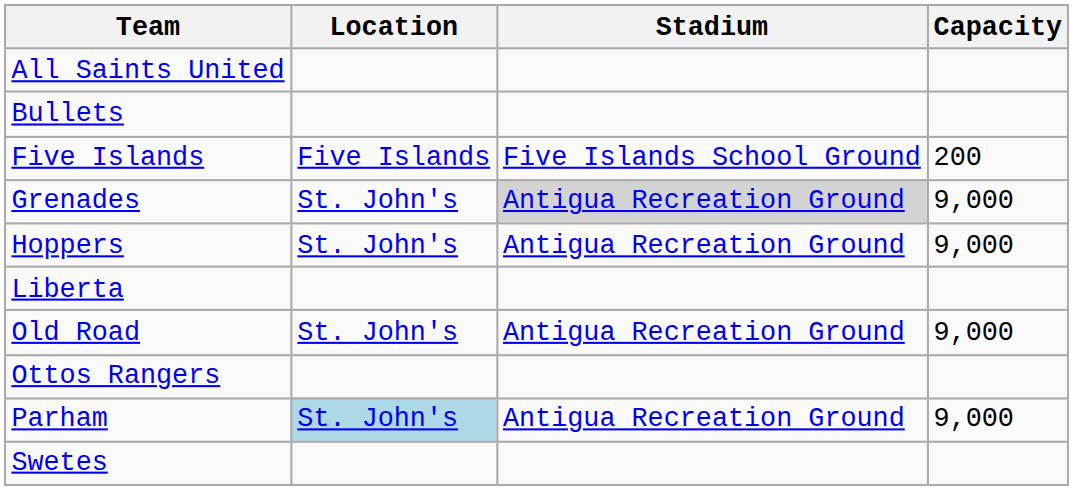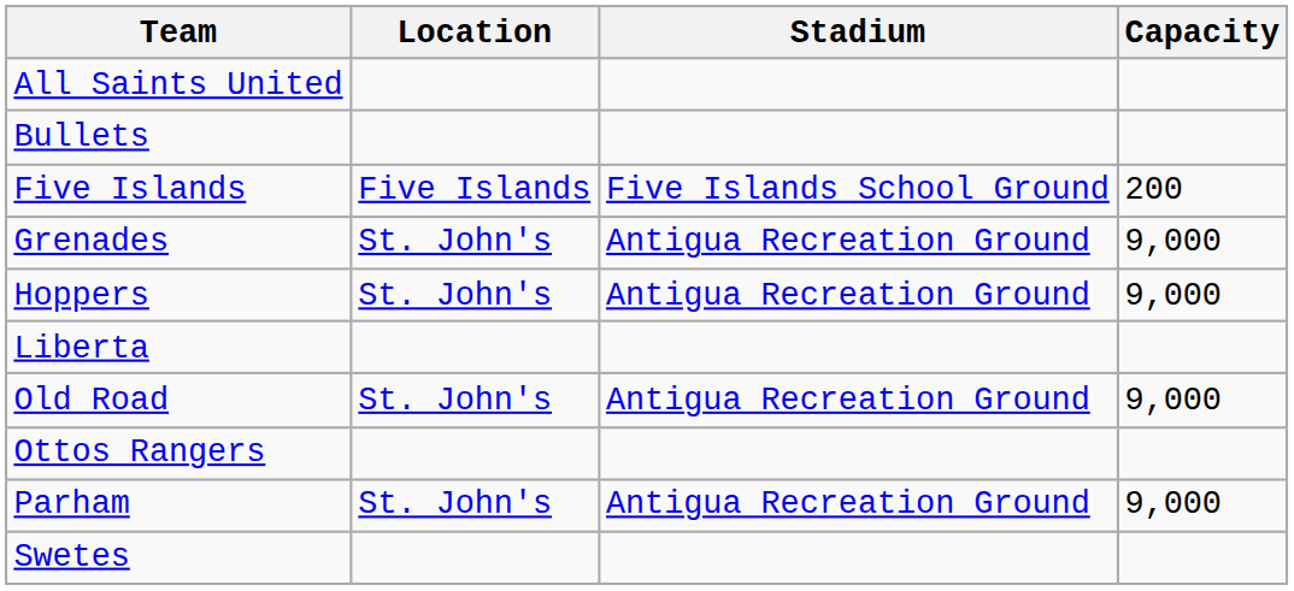 <table class="wikitable sortable">
 <tr>
 <th>Team</th>
 <th>Location</th>
 <th>Stadium</th>
 <th>Capacity</th>
 </tr>
 <tr>
 <td><a href='#'>All Saints United</a></td>
 <td></td>
 <td></td>
 <td></td>
 </tr>
 <tr>
 <td><a href='#'>Bullets</a></td>
 <td></td>
 <td></td>
 <td></td>
 </tr>
 <tr>
 <td><a href='#'>Five Islands</a></td>
 <td><a href='#'>Five Islands</a></td>
 <td><a href='#'>Five Islands School Ground</a></td>
 <td>200</td>
 </tr>
 <tr>
 <td><a href='#'>Grenades</a></td>
 <td><a href='#'>St. John's</a></td>
-<td style="background: lightgrey;"><a href='#'>Antigua Recreation Ground</a></td>
+<td><a href='#'>Antigua Recreation Ground</a></td>
 <td>9,000</td>
 </tr>
 <tr>
 <td><a href='#'>Hoppers</a></td>
 <td><a href='#'>St. John's</a></td>
 <td><a href='#'>Antigua Recreation Ground</a></td>
 <td>9,000</td>
 </tr>
 <tr>
 <td><a href='#'>Liberta</a></td>
 <td></td>
 <td></td>
 <td></td>
 </tr>
 <tr>
 <td><a href='#'>Old Road</a></td>
 <td><a href='#'>St. John's</a></td>
 <td><a href='#'>Antigua Recreation Ground</a></td>
 <td>9,000</td>
 </tr>
 <tr>
 <td><a href='#'>Ottos Rangers</a></td>
 <td></td>
 <td></td>
 <td></td>
 </tr>
 <tr>
 <td><a href='#'>Parham</a></td>
-<td style="background: lightblue;"><a href='#'>St. John's</a></td>
+<td><a href='#'>St. John's</a></td>
 <td><a href='#'>Antigua Recreation Ground</a></td>
 <td>9,000</td>
 </tr>
 <tr>
 <td><a href='#'>Swetes</a></td>
 <td></td>
 <td></td>
 <td></td>
 </tr>
 <tr>
 </tr>
 </table>
